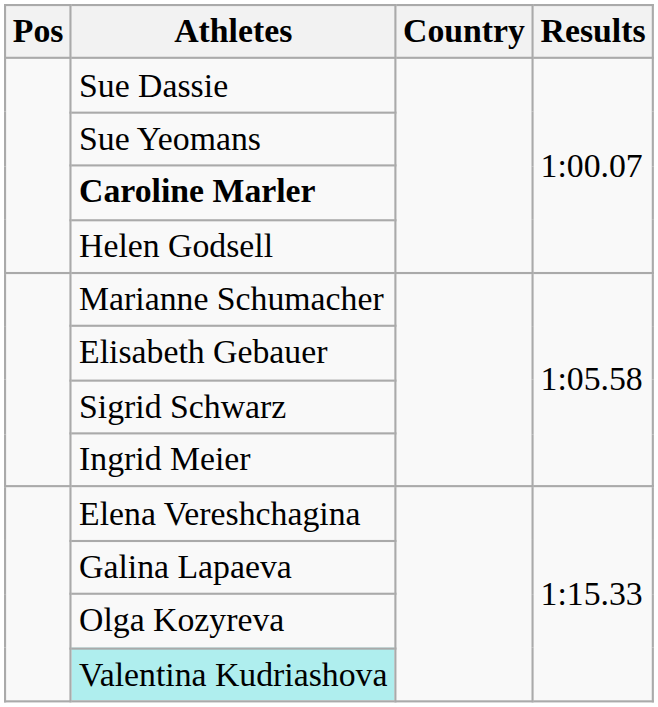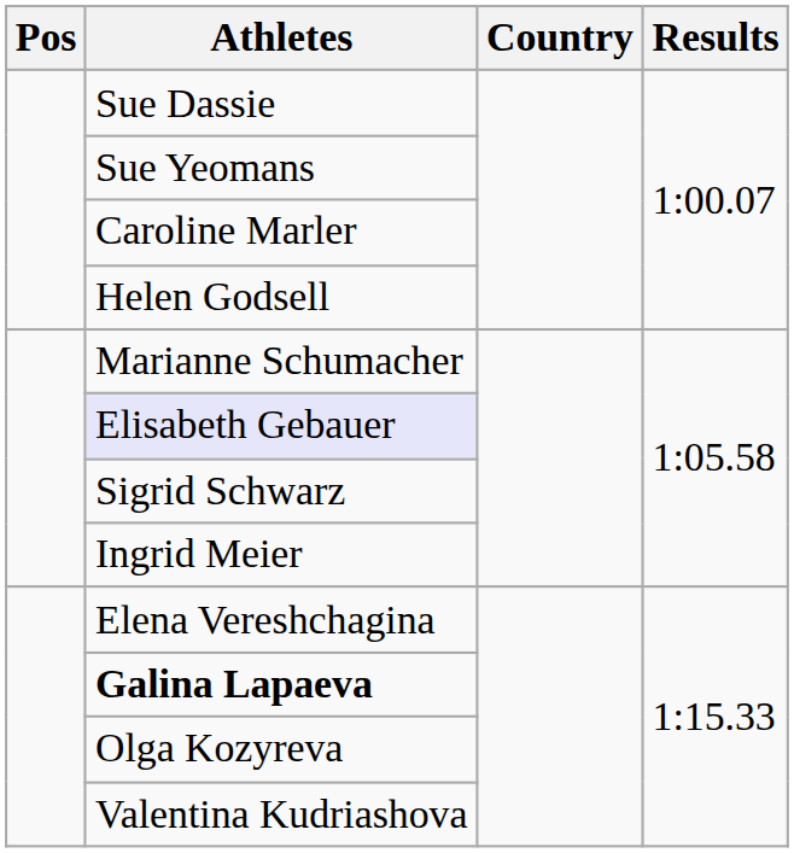 <table class="wikitable">
 <tr>
 <th>Pos</th>
 <th>Athletes</th>
 <th>Country</th>
 <th>Results</th>
 </tr>
 <tr>
 <td rowspan="4"></td>
 <td>Sue Dassie</td>
 <td rowspan="4"></td>
 <td rowspan="4">1:00.07</td>
 </tr>
 <tr>
 <td>Sue Yeomans</td>
 </tr>
 <tr>
-<td><strong>Caroline Marler</strong></td>
+<td>Caroline Marler</td>
 </tr>
 <tr>
 <td>Helen Godsell</td>
 </tr>
 <tr>
 <td rowspan="4"></td>
 <td>Marianne Schumacher</td>
 <td rowspan="4"></td>
 <td rowspan="4">1:05.58</td>
 </tr>
 <tr>
-<td>Elisabeth Gebauer</td>
+<td style="background: lavender;">Elisabeth Gebauer</td>
 </tr>
 <tr>
 <td>Sigrid Schwarz</td>
 </tr>
 <tr>
 <td>Ingrid Meier</td>
 </tr>
 <tr>
 <td rowspan="4"></td>
 <td>Elena Vereshchagina</td>
 <td rowspan="4"></td>
 <td rowspan="4">1:15.33</td>
 </tr>
 <tr>
-<td>Galina Lapaeva</td>
+<td><strong>Galina Lapaeva</strong></td>
 </tr>
 <tr>
 <td>Olga Kozyreva</td>
 </tr>
 <tr>
-<td style="background: paleturquoise;">Valentina Kudriashova</td>
+<td>Valentina Kudriashova</td>
 </tr>
 </table>
